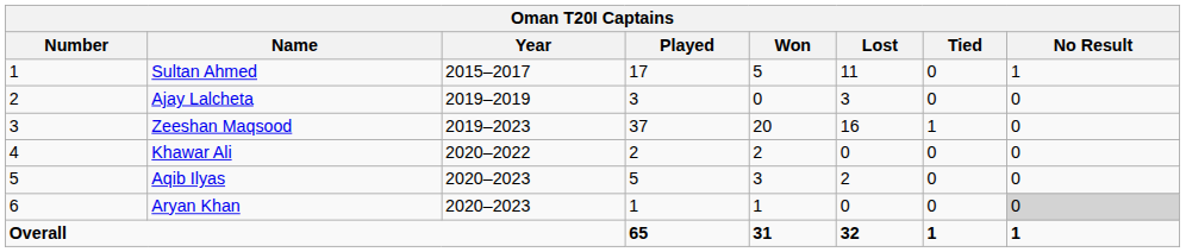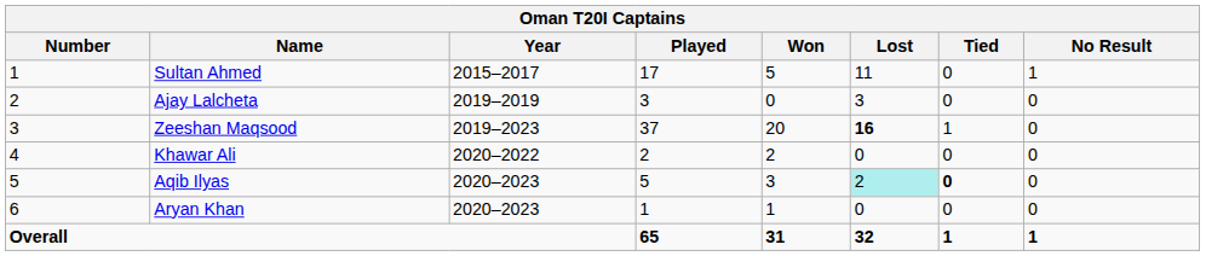 <table class="wikitable" width="70%">
 <tr>
 <th bgcolor="#efefef" colspan=9>Oman T20I Captains</th>
 </tr>
 <tr bgcolor="#efefef">
 <th>Number</th>
 <th>Name</th>
 <th>Year</th>
 <th>Played</th>
 <th>Won</th>
 <th>Lost</th>
 <th>Tied</th>
 <th>No Result</th>
 </tr>
 <tr>
 <td>1</td>
 <td><a href='#'>Sultan Ahmed</a></td>
 <td>2015–2017</td>
 <td>17</td>
 <td>5</td>
 <td>11</td>
 <td>0</td>
 <td>1</td>
 </tr>
 <tr>
 <td>2</td>
 <td><a href='#'>Ajay Lalcheta</a></td>
 <td>2019–2019</td>
 <td>3</td>
 <td>0</td>
 <td>3</td>
 <td>0</td>
 <td>0</td>
 </tr>
 <tr>
 <td>3</td>
 <td><a href='#'>Zeeshan Maqsood</a></td>
 <td>2019–2023</td>
 <td>37</td>
 <td>20</td>
-<td>16</td>
+<td><strong>16</strong></td>
 <td>1</td>
 <td>0</td>
 </tr>
 <tr>
 <td>4</td>
 <td><a href='#'>Khawar Ali</a></td>
 <td>2020–2022</td>
 <td>2</td>
 <td>2</td>
 <td>0</td>
 <td>0</td>
 <td>0</td>
 </tr>
 <tr>
 <td>5</td>
 <td><a href='#'>Aqib Ilyas</a></td>
 <td>2020–2023</td>
 <td>5</td>
 <td>3</td>
-<td>2</td>
-<td>0</td>
+<td style="background: paleturquoise;">2</td>
+<td><strong>0</strong></td>
 <td>0</td>
 </tr>
 <tr>
 <td>6</td>
 <td><a href='#'>Aryan Khan</a></td>
 <td>2020–2023</td>
 <td>1</td>
 <td>1</td>
 <td>0</td>
 <td>0</td>
-<td style="background: lightgrey;">0</td>
+<td>0</td>
 </tr>
 <tr>
 <td colspan=3><strong>Overall</strong></td>
 <td><strong>65</strong></td>
 <td><strong>31</strong></td>
 <td><strong>32</strong></td>
 <td><strong>1</strong></td>
 <td><strong>1</strong></td>
 </tr>
 </table>
